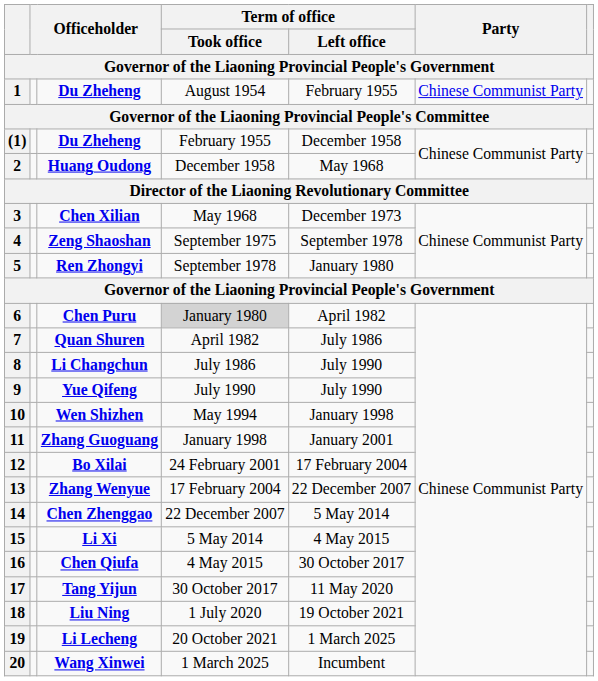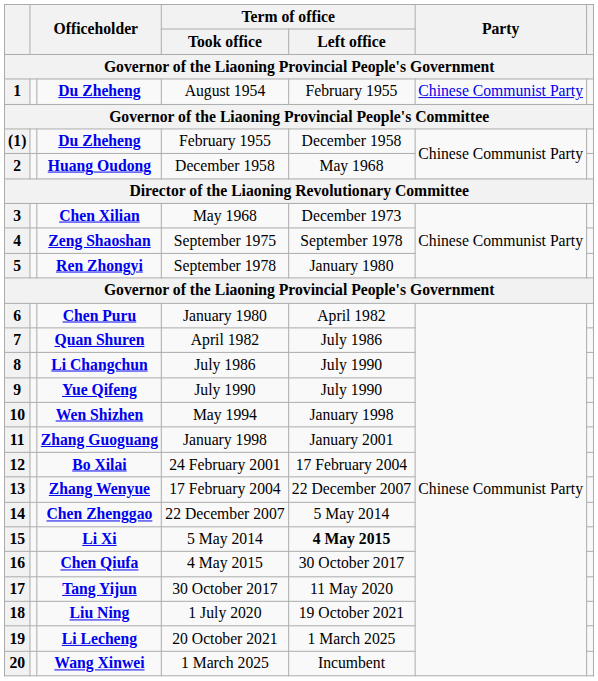 <table class="wikitable" style="text-align:center">
 <tr>
 <th rowspan="2"></th>
 <th colspan="2" rowspan="2">Officeholder</th>
 <th colspan="2">Term of office</th>
 <th rowspan="2">Party</th>
 <th rowspan="2"></th>
 </tr>
 <tr>
 <th>Took office</th>
 <th>Left office</th>
 </tr>
 <tr>
 <th colspan="7">Governor of the Liaoning Provincial People's Government</th>
 </tr>
 <tr>
 <th>1</th>
 <td></td>
 <td><strong><a href='#'>Du Zheheng</a></strong><br></td>
 <td>August 1954</td>
 <td>February 1955</td>
 <td><a href='#'>Chinese Communist Party</a></td>
 <td></td>
 </tr>
 <tr>
 <th colspan="7">Governor of the Liaoning Provincial People's Committee</th>
 </tr>
 <tr>
 <th>(1)</th>
 <td></td>
 <td><strong><a href='#'>Du Zheheng</a></strong><br></td>
 <td>February 1955</td>
 <td>December 1958</td>
 <td rowspan="2">Chinese Communist Party</td>
 <td></td>
 </tr>
 <tr>
 <th>2</th>
 <td></td>
 <td><strong><a href='#'>Huang Oudong</a></strong><br></td>
 <td>December 1958</td>
 <td>May 1968</td>
 <td></td>
 </tr>
 <tr>
 <th colspan="7">Director of the Liaoning Revolutionary Committee</th>
 </tr>
 <tr>
 <th>3</th>
 <td></td>
 <td><strong><a href='#'>Chen Xilian</a></strong><br></td>
 <td>May 1968</td>
 <td>December 1973</td>
 <td rowspan="3">Chinese Communist Party</td>
 <td></td>
 </tr>
 <tr>
 <th>4</th>
 <td></td>
 <td><strong><a href='#'>Zeng Shaoshan</a></strong><br></td>
 <td>September 1975</td>
 <td>September 1978</td>
 <td></td>
 </tr>
 <tr>
 <th>5</th>
 <td></td>
 <td><strong><a href='#'>Ren Zhongyi</a></strong><br></td>
 <td>September 1978</td>
 <td>January 1980</td>
 <td></td>
 </tr>
 <tr>
 <th colspan="7">Governor of the Liaoning Provincial People's Government</th>
 </tr>
 <tr>
 <th>6</th>
 <td></td>
 <td><strong><a href='#'>Chen Puru</a></strong><br></td>
-<td style="background: lightgrey;">January 1980</td>
+<td>January 1980</td>
 <td>April 1982</td>
 <td rowspan="15">Chinese Communist Party</td>
 <td></td>
 </tr>
 <tr>
 <th>7</th>
 <td></td>
 <td><strong><a href='#'>Quan Shuren</a></strong><br></td>
 <td>April 1982</td>
 <td>July 1986</td>
 <td></td>
 </tr>
 <tr>
 <th>8</th>
 <td></td>
 <td><strong><a href='#'>Li Changchun</a></strong><br></td>
 <td>July 1986</td>
 <td>July 1990</td>
 <td></td>
 </tr>
 <tr>
 <th>9</th>
 <td></td>
 <td><strong><a href='#'>Yue Qifeng</a></strong><br></td>
 <td>July 1990</td>
 <td>July 1990</td>
 <td></td>
 </tr>
 <tr>
 <th>10</th>
 <td></td>
 <td><strong><a href='#'>Wen Shizhen</a></strong><br></td>
 <td>May 1994</td>
 <td>January 1998</td>
 <td></td>
 </tr>
 <tr>
 <th>11</th>
 <td></td>
 <td><strong><a href='#'>Zhang Guoguang</a></strong><br></td>
 <td>January 1998</td>
 <td>January 2001</td>
 <td></td>
 </tr>
 <tr>
 <th>12</th>
 <td></td>
 <td><strong><a href='#'>Bo Xilai</a></strong><br></td>
 <td>24 February 2001</td>
 <td>17 February 2004</td>
 <td></td>
 </tr>
 <tr>
 <th>13</th>
 <td></td>
 <td><strong><a href='#'>Zhang Wenyue</a></strong><br></td>
 <td>17 February 2004</td>
 <td>22 December 2007</td>
 <td></td>
 </tr>
 <tr>
 <th>14</th>
 <td></td>
 <td><strong><a href='#'>Chen Zhenggao</a></strong><br></td>
 <td>22 December 2007</td>
 <td>5 May 2014</td>
 <td></td>
 </tr>
 <tr>
 <th>15</th>
 <td></td>
 <td><strong><a href='#'>Li Xi</a></strong><br></td>
 <td>5 May 2014</td>
-<td>4 May 2015</td>
+<td><strong>4 May 2015</strong></td>
 <td></td>
 </tr>
 <tr>
 <th>16</th>
 <td></td>
 <td><strong><a href='#'>Chen Qiufa</a></strong><br></td>
 <td>4 May 2015</td>
 <td>30 October 2017</td>
 <td></td>
 </tr>
 <tr>
 <th>17</th>
 <td></td>
 <td><strong><a href='#'>Tang Yijun</a></strong><br></td>
 <td>30 October 2017</td>
 <td>11 May 2020</td>
 <td></td>
 </tr>
 <tr>
 <th>18</th>
 <td></td>
 <td><strong><a href='#'>Liu Ning</a></strong><br></td>
 <td>1 July 2020</td>
 <td>19 October 2021</td>
 <td></td>
 </tr>
 <tr>
 <th>19</th>
 <td></td>
 <td><strong><a href='#'>Li Lecheng</a></strong><br></td>
 <td>20 October 2021</td>
 <td>1 March 2025</td>
 <td></td>
 </tr>
 <tr>
 <th>20</th>
 <td></td>
 <td><strong><a href='#'>Wang Xinwei</a></strong><br></td>
 <td>1 March 2025</td>
 <td>Incumbent</td>
 <td></td>
 </tr>
 </table>
